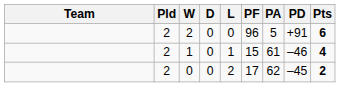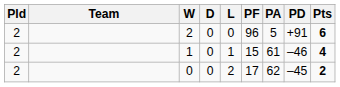 <table class="wikitable" style="text-align:center;">
 <tr>
+<th width=20 abbr="Played">Pld</th>
 <th width=190>Team</th>
-<th width=20 abbr="Played">Pld</th>
 <th width=20 abbr="Won">W</th>
 <th width=20 abbr="Drawn">D</th>
 <th width=20 abbr="Lost">L</th>
 <th width=20 abbr="Points for">PF</th>
 <th width=20 abbr="Points against">PA</th>
 <th width=25 abbr="Points difference">PD</th>
 <th width=20 abbr="Points">Pts</th>
 </tr>
 <tr>
+<td>2</td>
 <td align=left></td>
-<td>2</td>
 <td>2</td>
 <td>0</td>
 <td>0</td>
 <td>96</td>
 <td>5</td>
 <td>+91</td>
 <td><strong>6</strong></td>
 </tr>
 <tr>
+<td>2</td>
 <td align=left></td>
-<td>2</td>
 <td>1</td>
 <td>0</td>
 <td>1</td>
 <td>15</td>
 <td>61</td>
 <td>–46</td>
 <td><strong>4</strong></td>
 </tr>
 <tr>
+<td>2</td>
 <td align=left></td>
-<td>2</td>
 <td>0</td>
 <td>0</td>
 <td>2</td>
 <td>17</td>
 <td>62</td>
 <td>–45</td>
 <td><strong>2</strong></td>
 </tr>
 </table>
